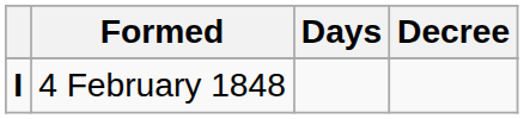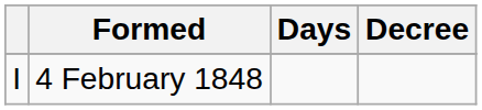 <table class="wikitable" style="text-align:center;">
 <tr>
 <th></th>
 <th>Formed</th>
 <th>Days</th>
 <th>Decree</th>
 </tr>
 <tr>
 </tr>
 <tr>
-<td><strong>I</strong></td>
+<td>I</td>
 <td>4 February 1848</td>
 <td></td>
 <td></td>
 </tr>
 </table>
